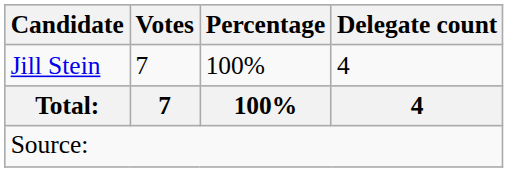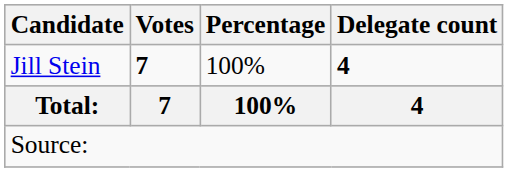 <table class="wikitable">
 <tr>
 <th>Candidate</th>
 <th>Votes</th>
 <th>Percentage</th>
 <th>Delegate count</th>
 </tr>
 <tr>
 <td><a href='#'>Jill Stein</a></td>
-<td>7</td>
+<td><strong>7</strong></td>
 <td>100%</td>
-<td>4</td>
+<td><strong>4</strong></td>
 </tr>
 <tr>
 <th>Total:</th>
 <th>7</th>
 <th>100%</th>
 <th>4</th>
 </tr>
 <tr>
 <td colspan="4">Source:</td>
 </tr>
 </table>
